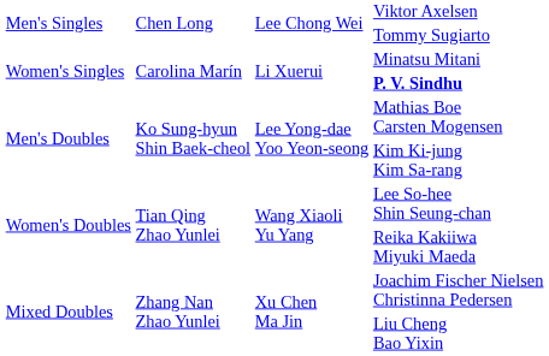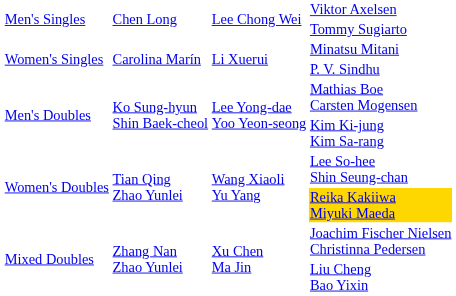 <table>
 <tr>
 <td rowspan=2><a href='#'>Men's Singles</a></td>
 <td rowspan=2> <a href='#'>Chen Long</a></td>
 <td rowspan=2> <a href='#'>Lee Chong Wei</a></td>
 <td> <a href='#'>Viktor Axelsen</a></td>
 </tr>
 <tr>
 <td> <a href='#'>Tommy Sugiarto</a></td>
 </tr>
 <tr>
 <td rowspan=2><a href='#'>Women's Singles</a></td>
 <td rowspan=2> <a href='#'>Carolina Marín</a></td>
 <td rowspan=2> <a href='#'>Li Xuerui</a></td>
 <td> <a href='#'>Minatsu Mitani</a></td>
 </tr>
 <tr>
-<td><strong> <a href='#'>P. V. Sindhu</a></strong></td>
+<td> <a href='#'>P. V. Sindhu</a></td>
 </tr>
 <tr>
 <td rowspan=2><a href='#'>Men's Doubles</a></td>
 <td rowspan=2> <a href='#'>Ko Sung-hyun</a><br> <a href='#'>Shin Baek-cheol</a></td>
 <td rowspan=2> <a href='#'>Lee Yong-dae</a><br> <a href='#'>Yoo Yeon-seong</a></td>
 <td> <a href='#'>Mathias Boe</a><br> <a href='#'>Carsten Mogensen</a></td>
 </tr>
 <tr>
 <td> <a href='#'>Kim Ki-jung</a><br> <a href='#'>Kim Sa-rang</a></td>
 </tr>
 <tr>
 <td rowspan=2><a href='#'>Women's Doubles</a></td>
 <td rowspan=2> <a href='#'>Tian Qing</a><br> <a href='#'>Zhao Yunlei</a></td>
 <td rowspan=2> <a href='#'>Wang Xiaoli</a><br> <a href='#'>Yu Yang</a></td>
 <td> <a href='#'>Lee So-hee</a><br> <a href='#'>Shin Seung-chan</a></td>
 </tr>
 <tr>
-<td> <a href='#'>Reika Kakiiwa</a><br> <a href='#'>Miyuki Maeda</a></td>
+<td style="background: gold;"> <a href='#'>Reika Kakiiwa</a><br> <a href='#'>Miyuki Maeda</a></td>
 </tr>
 <tr>
 <td rowspan=2><a href='#'>Mixed Doubles</a></td>
 <td rowspan=2> <a href='#'>Zhang Nan</a><br> <a href='#'>Zhao Yunlei</a></td>
 <td rowspan=2> <a href='#'>Xu Chen</a><br> <a href='#'>Ma Jin</a></td>
 <td> <a href='#'>Joachim Fischer Nielsen</a><br> <a href='#'>Christinna Pedersen</a></td>
 </tr>
 <tr>
 <td> <a href='#'>Liu Cheng</a><br> <a href='#'>Bao Yixin</a></td>
 </tr>
 </table>
